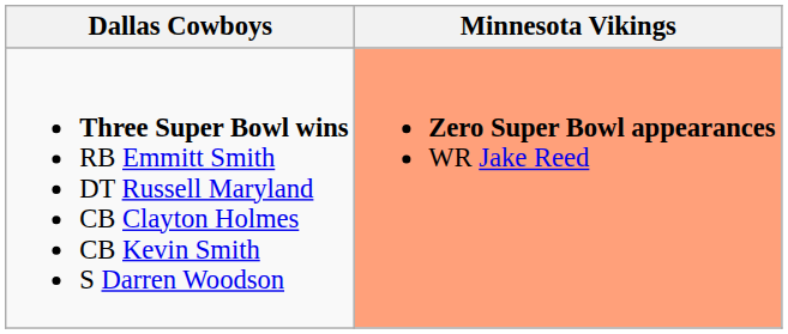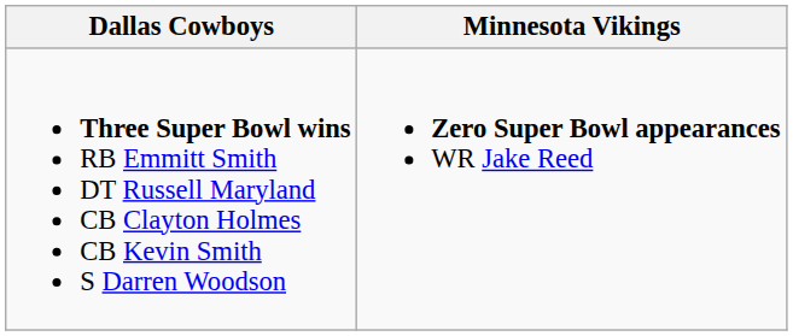 <table class="wikitable">
 <tr>
 <th>Dallas Cowboys</th>
 <th>Minnesota Vikings</th>
 </tr>
 <tr>
 <td valign="top"><br><ul><li><strong>Three Super Bowl wins</strong></li><li>RB <a href='#'>Emmitt Smith</a></li><li>DT <a href='#'>Russell Maryland</a></li><li>CB <a href='#'>Clayton Holmes</a></li><li>CB <a href='#'>Kevin Smith</a></li><li>S <a href='#'>Darren Woodson</a></li></ul></td>
-<td valign="top" style="background: lightsalmon;"><br><ul><li><strong>Zero Super Bowl appearances</strong></li><li>WR <a href='#'>Jake Reed</a></li></ul></td>
+<td valign="top"><br><ul><li><strong>Zero Super Bowl appearances</strong></li><li>WR <a href='#'>Jake Reed</a></li></ul></td>
 </tr>
 </table>
